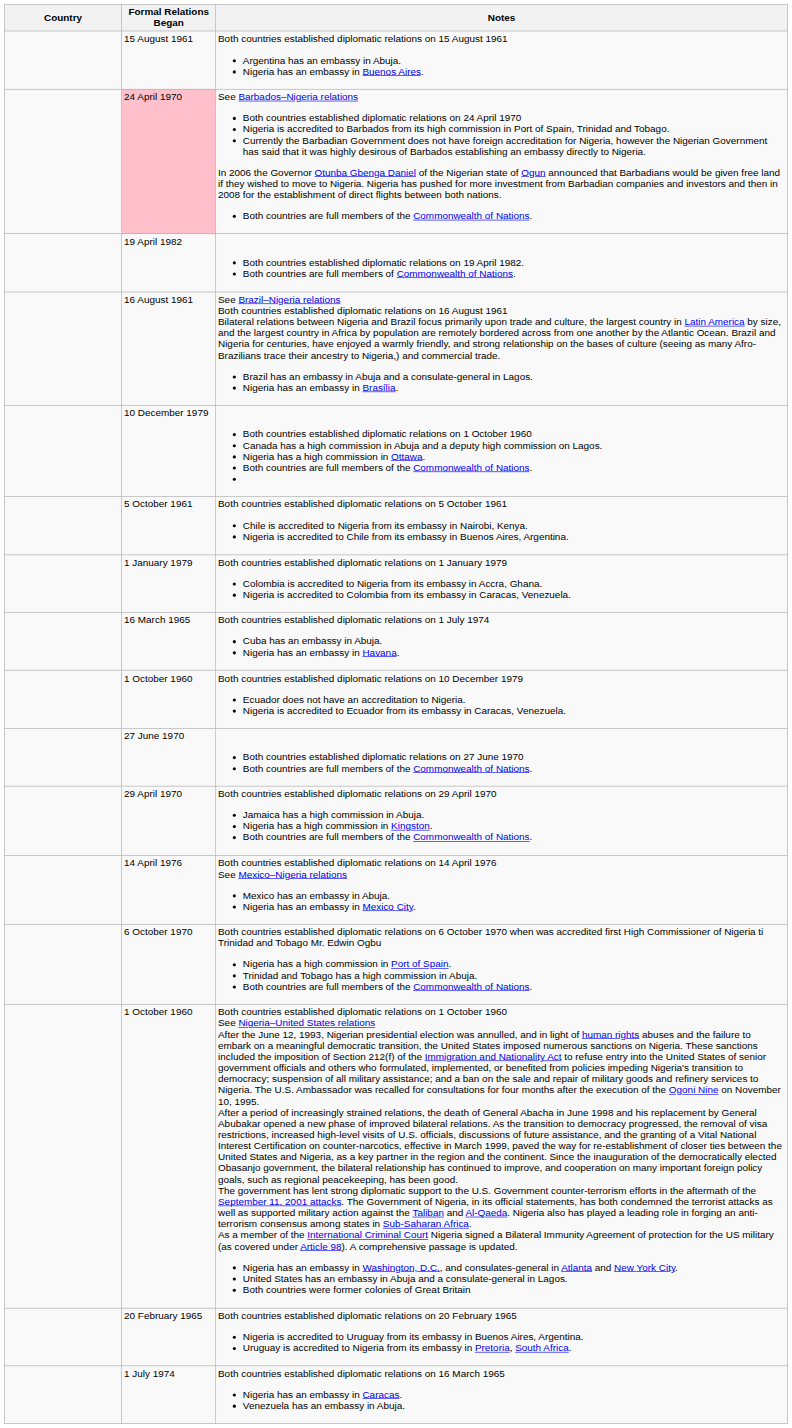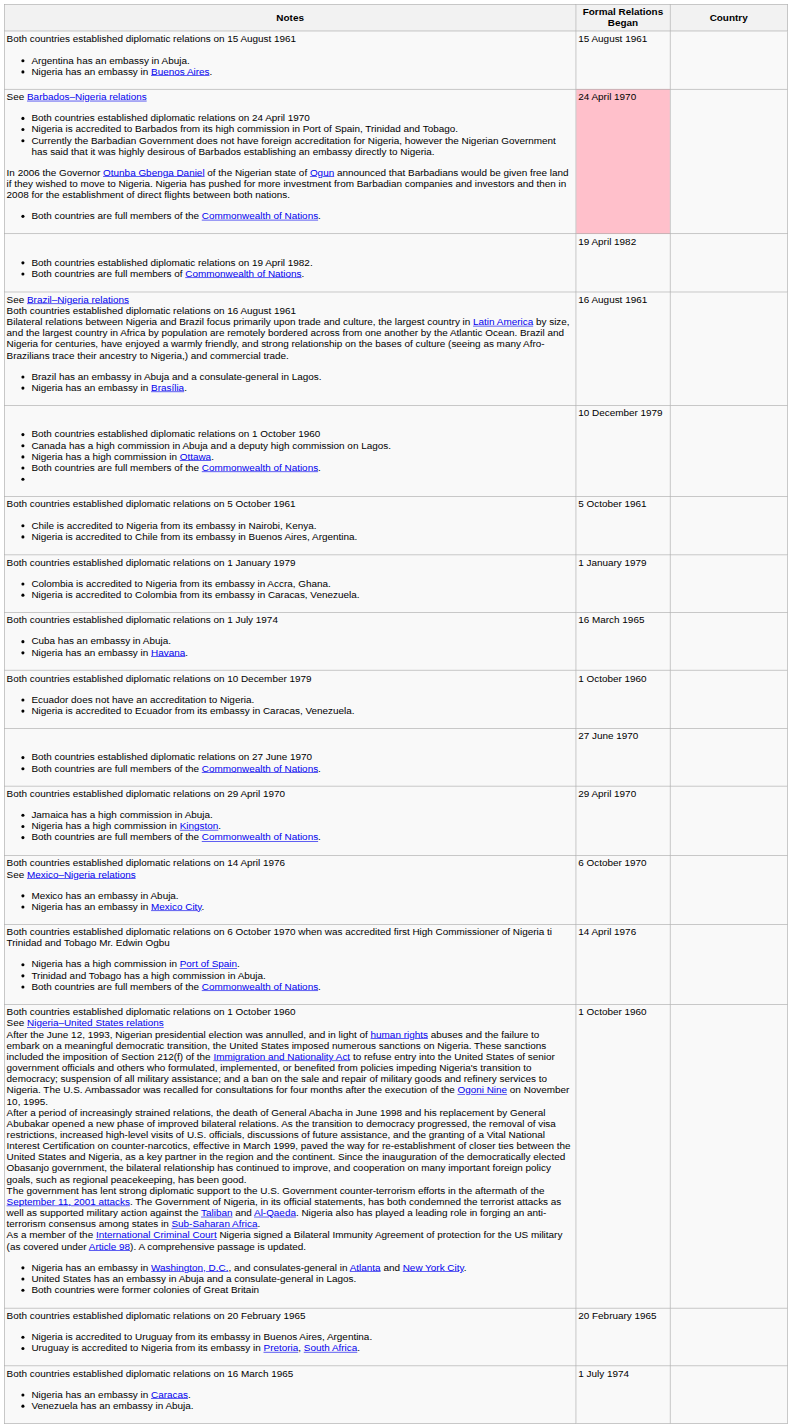 <table class="wikitable sortable" style="width:100%; margin:auto;">
 <tr>
+<th>Notes</th>
+<th style="width:12%;">Formal Relations Began</th>
 <th style="width:15%;">Country</th>
-<th style="width:12%;">Formal Relations Began</th>
-<th>Notes</th>
 </tr>
 <tr valign="top">
+<td>Both countries established diplomatic relations on 15 August 1961<br><ul><li>Argentina has an embassy in Abuja.</li><li>Nigeria has an embassy in <a href='#'>Buenos Aires</a>.</li></ul></td>
+<td>15 August 1961</td>
 <td></td>
-<td>15 August 1961</td>
-<td>Both countries established diplomatic relations on 15 August 1961<br><ul><li>Argentina has an embassy in Abuja.</li><li>Nigeria has an embassy in <a href='#'>Buenos Aires</a>.</li></ul></td>
 </tr>
 <tr valign="top">
+<td>See <a href='#'>Barbados–Nigeria relations</a><br><ul><li>Both countries established diplomatic relations on 24 April 1970</li><li>Nigeria is accredited to Barbados from its high commission in Port of Spain, Trinidad and Tobago.</li><li>Currently the Barbadian Government does not have foreign accreditation for Nigeria, however the Nigerian Government has said that it was highly desirous of Barbados establishing an embassy directly to Nigeria.</li></ul>In 2006 the Governor <a href='#'>Otunba Gbenga Daniel</a> of the Nigerian state of <a href='#'>Ogun</a> announced that Barbadians would be given free land if they wished to move to Nigeria. Nigeria has pushed for more investment from Barbadian companies and investors and then in 2008 for the establishment of direct flights between both nations.<ul><li>Both countries are full members of the <a href='#'>Commonwealth of Nations</a>.</li></ul></td>
+<td style="background: pink;">24 April 1970</td>
 <td></td>
-<td style="background: pink;">24 April 1970</td>
-<td>See <a href='#'>Barbados–Nigeria relations</a><br><ul><li>Both countries established diplomatic relations on 24 April 1970</li><li>Nigeria is accredited to Barbados from its high commission in Port of Spain, Trinidad and Tobago.</li><li>Currently the Barbadian Government does not have foreign accreditation for Nigeria, however the Nigerian Government has said that it was highly desirous of Barbados establishing an embassy directly to Nigeria.</li></ul>In 2006 the Governor <a href='#'>Otunba Gbenga Daniel</a> of the Nigerian state of <a href='#'>Ogun</a> announced that Barbadians would be given free land if they wished to move to Nigeria. Nigeria has pushed for more investment from Barbadian companies and investors and then in 2008 for the establishment of direct flights between both nations.<ul><li>Both countries are full members of the <a href='#'>Commonwealth of Nations</a>.</li></ul></td>
 </tr>
 <tr valign="top">
+<td><br><ul><li>Both countries established diplomatic relations on 19 April 1982.</li><li>Both countries are full members of <a href='#'>Commonwealth of Nations</a>.</li></ul></td>
+<td>19 April 1982</td>
 <td></td>
-<td>19 April 1982</td>
-<td><br><ul><li>Both countries established diplomatic relations on 19 April 1982.</li><li>Both countries are full members of <a href='#'>Commonwealth of Nations</a>.</li></ul></td>
 </tr>
 <tr valign="top">
+<td>See <a href='#'>Brazil–Nigeria relations</a><br>Both countries established diplomatic relations on 16 August 1961<br>Bilateral relations between Nigeria and Brazil focus primarily upon trade and culture, the largest country in <a href='#'>Latin America</a> by size, and the largest country in Africa by population are remotely bordered across from one another by the Atlantic Ocean. Brazil and Nigeria for centuries, have enjoyed a warmly friendly, and strong relationship on the bases of culture (seeing as many Afro-Brazilians trace their ancestry to Nigeria,) and commercial trade.<ul><li>Brazil has an embassy in Abuja and a consulate-general in Lagos.</li><li>Nigeria has an embassy in <a href='#'>Brasília</a>.</li></ul></td>
+<td>16 August 1961</td>
 <td></td>
-<td>16 August 1961</td>
-<td>See <a href='#'>Brazil–Nigeria relations</a><br>Both countries established diplomatic relations on 16 August 1961<br>Bilateral relations between Nigeria and Brazil focus primarily upon trade and culture, the largest country in <a href='#'>Latin America</a> by size, and the largest country in Africa by population are remotely bordered across from one another by the Atlantic Ocean. Brazil and Nigeria for centuries, have enjoyed a warmly friendly, and strong relationship on the bases of culture (seeing as many Afro-Brazilians trace their ancestry to Nigeria,) and commercial trade.<ul><li>Brazil has an embassy in Abuja and a consulate-general in Lagos.</li><li>Nigeria has an embassy in <a href='#'>Brasília</a>.</li></ul></td>
 </tr>
 <tr valign="top">
+<td><br><ul><li>Both countries established diplomatic relations on 1 October 1960</li><li>Canada has a high commission in Abuja and a deputy high commission on Lagos.</li><li>Nigeria has a high commission in <a href='#'>Ottawa</a>.</li><li>Both countries are full members of the <a href='#'>Commonwealth of Nations</a>.</li><li></li></ul></td>
+<td>10 December 1979</td>
 <td></td>
-<td>10 December 1979</td>
-<td><br><ul><li>Both countries established diplomatic relations on 1 October 1960</li><li>Canada has a high commission in Abuja and a deputy high commission on Lagos.</li><li>Nigeria has a high commission in <a href='#'>Ottawa</a>.</li><li>Both countries are full members of the <a href='#'>Commonwealth of Nations</a>.</li><li></li></ul></td>
 </tr>
 <tr valign="top">
+<td>Both countries established diplomatic relations on 5 October 1961<br><ul><li>Chile is accredited to Nigeria from its embassy in Nairobi, Kenya.</li><li>Nigeria is accredited to Chile from its embassy in Buenos Aires, Argentina.</li></ul></td>
+<td>5 October 1961</td>
 <td></td>
-<td>5 October 1961</td>
-<td>Both countries established diplomatic relations on 5 October 1961<br><ul><li>Chile is accredited to Nigeria from its embassy in Nairobi, Kenya.</li><li>Nigeria is accredited to Chile from its embassy in Buenos Aires, Argentina.</li></ul></td>
 </tr>
 <tr valign="top">
+<td>Both countries established diplomatic relations on 1 January 1979<br><ul><li>Colombia is accredited to Nigeria from its embassy in Accra, Ghana.</li><li>Nigeria is accredited to Colombia from its embassy in Caracas, Venezuela.</li></ul></td>
+<td>1 January 1979</td>
 <td></td>
-<td>1 January 1979</td>
-<td>Both countries established diplomatic relations on 1 January 1979<br><ul><li>Colombia is accredited to Nigeria from its embassy in Accra, Ghana.</li><li>Nigeria is accredited to Colombia from its embassy in Caracas, Venezuela.</li></ul></td>
 </tr>
 <tr valign="top">
+<td>Both countries established diplomatic relations on 1 July 1974<br><ul><li>Cuba has an embassy in Abuja.</li><li>Nigeria has an embassy in <a href='#'>Havana</a>.</li></ul></td>
+<td>16 March 1965</td>
 <td></td>
-<td>16 March 1965</td>
-<td>Both countries established diplomatic relations on 1 July 1974<br><ul><li>Cuba has an embassy in Abuja.</li><li>Nigeria has an embassy in <a href='#'>Havana</a>.</li></ul></td>
 </tr>
 <tr valign="top">
+<td>Both countries established diplomatic relations on 10 December 1979<br><ul><li>Ecuador does not have an accreditation to Nigeria.</li><li>Nigeria is accredited to Ecuador from its embassy in Caracas, Venezuela.</li></ul></td>
+<td>1 October 1960</td>
 <td></td>
-<td>1 October 1960</td>
-<td>Both countries established diplomatic relations on 10 December 1979<br><ul><li>Ecuador does not have an accreditation to Nigeria.</li><li>Nigeria is accredited to Ecuador from its embassy in Caracas, Venezuela.</li></ul></td>
 </tr>
 <tr valign="top">
+<td><br><ul><li>Both countries established diplomatic relations on 27 June 1970</li><li>Both countries are full members of the <a href='#'>Commonwealth of Nations</a>.</li></ul></td>
+<td>27 June 1970</td>
 <td></td>
-<td>27 June 1970</td>
-<td><br><ul><li>Both countries established diplomatic relations on 27 June 1970</li><li>Both countries are full members of the <a href='#'>Commonwealth of Nations</a>.</li></ul></td>
 </tr>
 <tr valign="top">
+<td>Both countries established diplomatic relations on 29 April 1970<br><ul><li>Jamaica has a high commission in Abuja.</li><li>Nigeria has a high commission in <a href='#'>Kingston</a>.</li><li>Both countries are full members of the <a href='#'>Commonwealth of Nations</a>.</li></ul></td>
+<td>29 April 1970</td>
 <td></td>
-<td>29 April 1970</td>
-<td>Both countries established diplomatic relations on 29 April 1970<br><ul><li>Jamaica has a high commission in Abuja.</li><li>Nigeria has a high commission in <a href='#'>Kingston</a>.</li><li>Both countries are full members of the <a href='#'>Commonwealth of Nations</a>.</li></ul></td>
 </tr>
 <tr valign="top">
+<td>Both countries established diplomatic relations on 14 April 1976<br>See <a href='#'>Mexico–Nigeria relations</a><ul><li>Mexico has an embassy in Abuja.</li><li>Nigeria has an embassy in <a href='#'>Mexico City</a>.</li></ul></td>
+<td>6 October 1970</td>
 <td></td>
-<td>14 April 1976</td>
-<td>Both countries established diplomatic relations on 14 April 1976<br>See <a href='#'>Mexico–Nigeria relations</a><ul><li>Mexico has an embassy in Abuja.</li><li>Nigeria has an embassy in <a href='#'>Mexico City</a>.</li></ul></td>
 </tr>
 <tr valign="top">
+<td>Both countries established diplomatic relations on 6 October 1970 when was accredited first High Commissioner of Nigeria ti Trinidad and Tobago Mr. Edwin Ogbu<br><ul><li>Nigeria has a high commission in <a href='#'>Port of Spain</a>.</li><li>Trinidad and Tobago has a high commission in Abuja.</li><li>Both countries are full members of the <a href='#'>Commonwealth of Nations</a>.</li></ul></td>
+<td>14 April 1976</td>
 <td></td>
-<td>6 October 1970</td>
-<td>Both countries established diplomatic relations on 6 October 1970 when was accredited first High Commissioner of Nigeria ti Trinidad and Tobago Mr. Edwin Ogbu<br><ul><li>Nigeria has a high commission in <a href='#'>Port of Spain</a>.</li><li>Trinidad and Tobago has a high commission in Abuja.</li><li>Both countries are full members of the <a href='#'>Commonwealth of Nations</a>.</li></ul></td>
 </tr>
 <tr valign="top">
+<td>Both countries established diplomatic relations on 1 October 1960<br>See <a href='#'>Nigeria–United States relations</a><br>After the June 12, 1993, Nigerian presidential election was annulled, and in light of <a href='#'>human rights</a> abuses and the failure to embark on a meaningful democratic transition, the United States imposed numerous sanctions on Nigeria. These sanctions included the imposition of Section 212(f) of the <a href='#'>Immigration and Nationality Act</a> to refuse entry into the United States of senior government officials and others who formulated, implemented, or benefited from policies impeding Nigeria's transition to democracy; suspension of all military assistance; and a ban on the sale and repair of military goods and refinery services to Nigeria. The U.S. Ambassador was recalled for consultations for four months after the execution of the <a href='#'>Ogoni Nine</a> on November 10, 1995.<br>After a period of increasingly strained relations, the death of General Abacha in June 1998 and his replacement by General Abubakar opened a new phase of improved bilateral relations. As the transition to democracy progressed, the removal of visa restrictions, increased high-level visits of U.S. officials, discussions of future assistance, and the granting of a Vital National Interest Certification on counter-narcotics, effective in March 1999, paved the way for re-establishment of closer ties between the United States and Nigeria, as a key partner in the region and the continent. Since the inauguration of the democratically elected Obasanjo government, the bilateral relationship has continued to improve, and cooperation on many important foreign policy goals, such as regional peacekeeping, has been good.<br>The government has lent strong diplomatic support to the U.S. Government counter-terrorism efforts in the aftermath of the <a href='#'>September 11, 2001 attacks</a>. The Government of Nigeria, in its official statements, has both condemned the terrorist attacks as well as supported military action against the <a href='#'>Taliban</a> and <a href='#'>Al-Qaeda</a>. Nigeria also has played a leading role in forging an anti-terrorism consensus among states in <a href='#'>Sub-Saharan Africa</a>.<br>As a member of the <a href='#'>International Criminal Court</a> Nigeria signed a Bilateral Immunity Agreement of protection for the US military (as covered under <a href='#'>Article 98</a>). A comprehensive passage is updated.<ul><li>Nigeria has an embassy in <a href='#'>Washington, D.C.</a>, and consulates-general in <a href='#'>Atlanta</a> and <a href='#'>New York City</a>.</li><li>United States has an embassy in Abuja and a consulate-general in Lagos.</li><li>Both countries were former colonies of Great Britain</li></ul></td>
+<td>1 October 1960</td>
 <td></td>
-<td>1 October 1960</td>
-<td>Both countries established diplomatic relations on 1 October 1960<br>See <a href='#'>Nigeria–United States relations</a><br>After the June 12, 1993, Nigerian presidential election was annulled, and in light of <a href='#'>human rights</a> abuses and the failure to embark on a meaningful democratic transition, the United States imposed numerous sanctions on Nigeria. These sanctions included the imposition of Section 212(f) of the <a href='#'>Immigration and Nationality Act</a> to refuse entry into the United States of senior government officials and others who formulated, implemented, or benefited from policies impeding Nigeria's transition to democracy; suspension of all military assistance; and a ban on the sale and repair of military goods and refinery services to Nigeria. The U.S. Ambassador was recalled for consultations for four months after the execution of the <a href='#'>Ogoni Nine</a> on November 10, 1995.<br>After a period of increasingly strained relations, the death of General Abacha in June 1998 and his replacement by General Abubakar opened a new phase of improved bilateral relations. As the transition to democracy progressed, the removal of visa restrictions, increased high-level visits of U.S. officials, discussions of future assistance, and the granting of a Vital National Interest Certification on counter-narcotics, effective in March 1999, paved the way for re-establishment of closer ties between the United States and Nigeria, as a key partner in the region and the continent. Since the inauguration of the democratically elected Obasanjo government, the bilateral relationship has continued to improve, and cooperation on many important foreign policy goals, such as regional peacekeeping, has been good.<br>The government has lent strong diplomatic support to the U.S. Government counter-terrorism efforts in the aftermath of the <a href='#'>September 11, 2001 attacks</a>. The Government of Nigeria, in its official statements, has both condemned the terrorist attacks as well as supported military action against the <a href='#'>Taliban</a> and <a href='#'>Al-Qaeda</a>. Nigeria also has played a leading role in forging an anti-terrorism consensus among states in <a href='#'>Sub-Saharan Africa</a>.<br>As a member of the <a href='#'>International Criminal Court</a> Nigeria signed a Bilateral Immunity Agreement of protection for the US military (as covered under <a href='#'>Article 98</a>). A comprehensive passage is updated.<ul><li>Nigeria has an embassy in <a href='#'>Washington, D.C.</a>, and consulates-general in <a href='#'>Atlanta</a> and <a href='#'>New York City</a>.</li><li>United States has an embassy in Abuja and a consulate-general in Lagos.</li><li>Both countries were former colonies of Great Britain</li></ul></td>
 </tr>
 <tr valign="top">
+<td>Both countries established diplomatic relations on 20 February 1965<br><ul><li>Nigeria is accredited to Uruguay from its embassy in Buenos Aires, Argentina.</li><li>Uruguay is accredited to Nigeria from its embassy in <a href='#'>Pretoria</a>, <a href='#'>South Africa</a>.</li></ul></td>
+<td>20 February 1965</td>
 <td></td>
-<td>20 February 1965</td>
-<td>Both countries established diplomatic relations on 20 February 1965<br><ul><li>Nigeria is accredited to Uruguay from its embassy in Buenos Aires, Argentina.</li><li>Uruguay is accredited to Nigeria from its embassy in <a href='#'>Pretoria</a>, <a href='#'>South Africa</a>.</li></ul></td>
 </tr>
 <tr valign="top">
+<td>Both countries established diplomatic relations on 16 March 1965<br><ul><li>Nigeria has an embassy in <a href='#'>Caracas</a>.</li><li>Venezuela has an embassy in Abuja.</li></ul></td>
+<td>1 July 1974</td>
 <td></td>
-<td>1 July 1974</td>
-<td>Both countries established diplomatic relations on 16 March 1965<br><ul><li>Nigeria has an embassy in <a href='#'>Caracas</a>.</li><li>Venezuela has an embassy in Abuja.</li></ul></td>
 </tr>
 </table>
